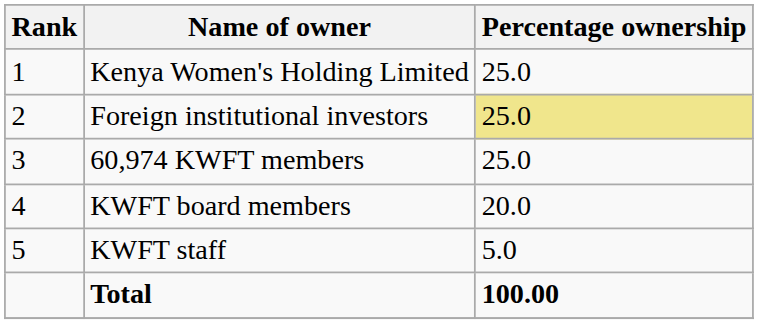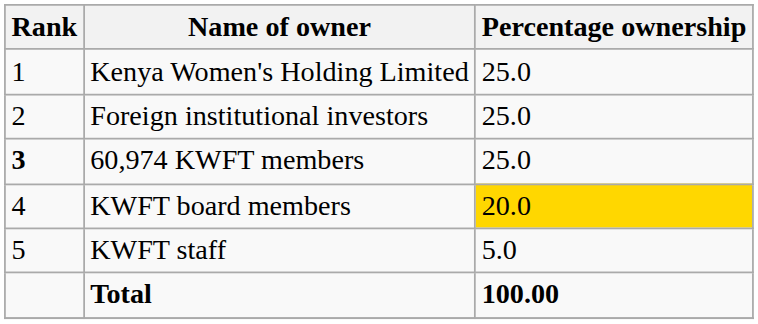 <table class="wikitable sortable" style="margin: 0.5em auto">
 <tr>
 <th>Rank</th>
 <th>Name of owner</th>
 <th>Percentage ownership</th>
 </tr>
 <tr>
 <td>1</td>
 <td>Kenya Women's Holding Limited</td>
 <td>25.0</td>
 </tr>
 <tr>
 <td>2</td>
 <td>Foreign institutional investors</td>
-<td style="background: khaki;">25.0</td>
+<td>25.0</td>
 </tr>
 <tr>
-<td>3</td>
+<td><strong>3</strong></td>
 <td>60,974 KWFT members</td>
 <td>25.0</td>
 </tr>
 <tr>
 <td>4</td>
 <td>KWFT board members</td>
-<td>20.0</td>
+<td style="background: gold;">20.0</td>
 </tr>
 <tr>
 <td>5</td>
 <td>KWFT staff</td>
 <td>5.0</td>
 </tr>
 <tr>
 <td></td>
 <td><strong>Total</strong></td>
 <td><strong>100.00</strong></td>
 </tr>
 <tr>
 </tr>
 </table>
